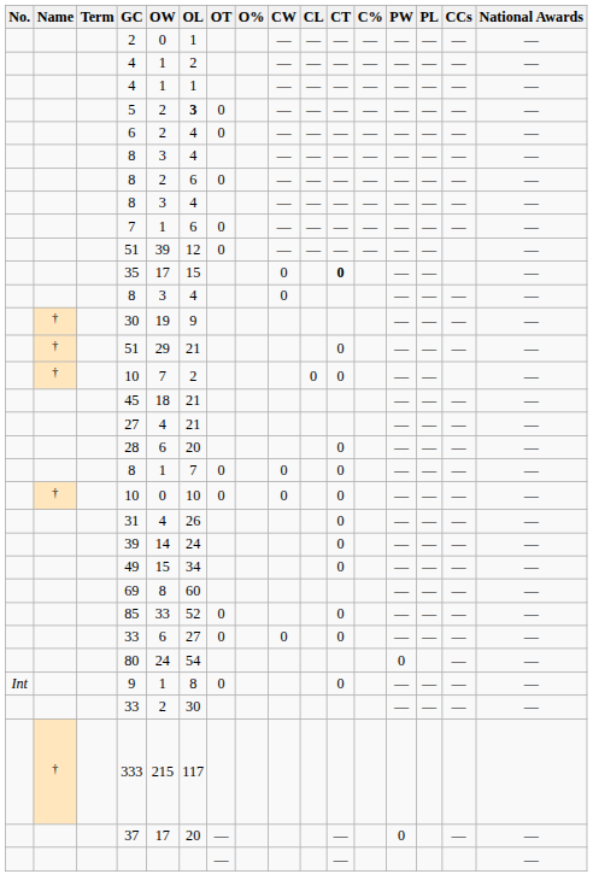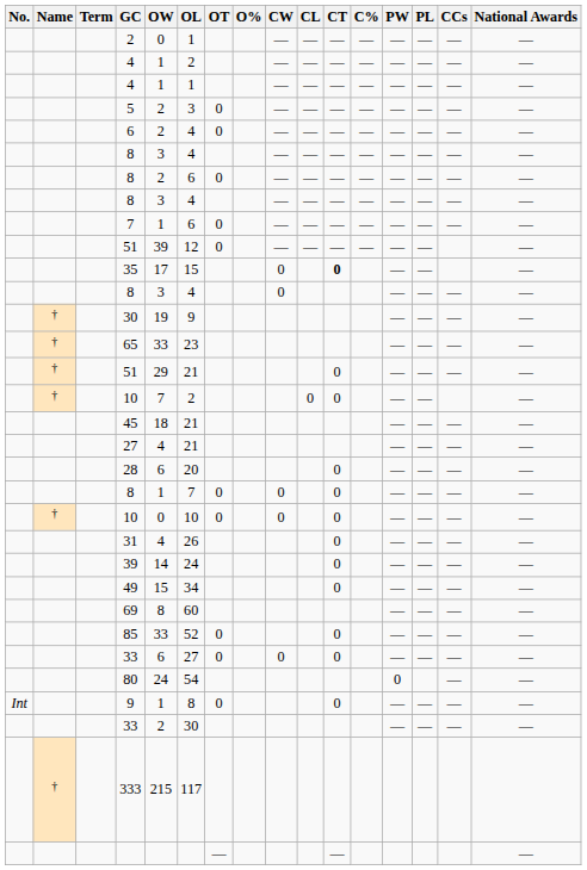 <table class="wikitable sortable">
 <tr>
 <th>No.</th>
 <th>Name</th>
 <th>Term</th>
 <th>GC</th>
 <th>OW</th>
 <th>OL</th>
 <th>OT</th>
 <th>O%</th>
 <th>CW</th>
 <th>CL</th>
 <th>CT</th>
 <th>C%</th>
 <th>PW</th>
 <th>PL</th>
 <th>CCs</th>
 <th class="unsortable">National Awards</th>
 </tr>
 <tr>
 <td align="center"></td>
 <td align="center"></td>
 <td align="center"></td>
 <td align="center">2</td>
 <td align="center">0</td>
 <td align="center">1</td>
 <td align="center"></td>
 <td align="center"></td>
 <td align="center">—</td>
 <td align="center">—</td>
 <td align="center">—</td>
 <td align="center">—</td>
 <td align="center">—</td>
 <td align="center">—</td>
 <td align="center">—</td>
 <td align="center">—</td>
 </tr>
 <tr>
 <td align="center"></td>
 <td align="center"></td>
 <td align="center"></td>
 <td align="center">4</td>
 <td align="center">1</td>
 <td align="center">2</td>
 <td align="center"></td>
 <td align="center"></td>
 <td align="center">—</td>
 <td align="center">—</td>
 <td align="center">—</td>
 <td align="center">—</td>
 <td align="center">—</td>
 <td align="center">—</td>
 <td align="center">—</td>
 <td align="center">—</td>
 </tr>
 <tr>
 <td align="center"></td>
 <td align="center"></td>
 <td align="center"></td>
 <td align="center">4</td>
 <td align="center">1</td>
 <td align="center">1</td>
 <td align="center"></td>
 <td align="center"></td>
 <td align="center">—</td>
 <td align="center">—</td>
 <td align="center">—</td>
 <td align="center">—</td>
 <td align="center">—</td>
 <td align="center">—</td>
 <td align="center">—</td>
 <td align="center">—</td>
 </tr>
 <tr>
 <td align="center"></td>
 <td align="center"></td>
 <td align="center"></td>
 <td align="center">5</td>
 <td align="center">2</td>
-<td align="center"><strong>3</strong></td>
+<td align="center">3</td>
 <td align="center">0</td>
 <td align="center"></td>
 <td align="center">—</td>
 <td align="center">—</td>
 <td align="center">—</td>
 <td align="center">—</td>
 <td align="center">—</td>
 <td align="center">—</td>
 <td align="center">—</td>
 <td align="center">—</td>
 </tr>
 <tr>
 <td align="center"></td>
 <td align="center"></td>
 <td align="center"></td>
 <td align="center">6</td>
 <td align="center">2</td>
 <td align="center">4</td>
 <td align="center">0</td>
 <td align="center"></td>
 <td align="center">—</td>
 <td align="center">—</td>
 <td align="center">—</td>
 <td align="center">—</td>
 <td align="center">—</td>
 <td align="center">—</td>
 <td align="center">—</td>
 <td align="center">—</td>
 </tr>
 <tr>
 <td align="center"></td>
 <td align="center"></td>
 <td align="center"></td>
 <td align="center">8</td>
 <td align="center">3</td>
 <td align="center">4</td>
 <td align="center"></td>
 <td align="center"></td>
 <td align="center">—</td>
 <td align="center">—</td>
 <td align="center">—</td>
 <td align="center">—</td>
 <td align="center">—</td>
 <td align="center">—</td>
 <td align="center">—</td>
 <td align="center">—</td>
 </tr>
 <tr>
 <td align="center"></td>
 <td align="center"></td>
 <td align="center"></td>
 <td align="center">8</td>
 <td align="center">2</td>
 <td align="center">6</td>
 <td align="center">0</td>
 <td align="center"></td>
 <td align="center">—</td>
 <td align="center">—</td>
 <td align="center">—</td>
 <td align="center">—</td>
 <td align="center">—</td>
 <td align="center">—</td>
 <td align="center">—</td>
 <td align="center">—</td>
 </tr>
 <tr>
 <td align="center"></td>
 <td align="center"></td>
 <td align="center"></td>
 <td align="center">8</td>
 <td align="center">3</td>
 <td align="center">4</td>
 <td align="center"></td>
 <td align="center"></td>
 <td align="center">—</td>
 <td align="center">—</td>
 <td align="center">—</td>
 <td align="center">—</td>
 <td align="center">—</td>
 <td align="center">—</td>
 <td align="center">—</td>
 <td align="center">—</td>
 </tr>
 <tr>
 <td align="center"></td>
 <td align="center"></td>
 <td align="center"></td>
 <td align="center">7</td>
 <td align="center">1</td>
 <td align="center">6</td>
 <td align="center">0</td>
 <td align="center"></td>
 <td align="center">—</td>
 <td align="center">—</td>
 <td align="center">—</td>
 <td align="center">—</td>
 <td align="center">—</td>
 <td align="center">—</td>
 <td align="center">—</td>
 <td align="center">—</td>
 </tr>
 <tr>
 <td align="center"></td>
 <td align="center"></td>
 <td align="center"></td>
 <td align="center">51</td>
 <td align="center">39</td>
 <td align="center">12</td>
 <td align="center">0</td>
 <td align="center"></td>
 <td align="center">—</td>
 <td align="center">—</td>
 <td align="center">—</td>
 <td align="center">—</td>
 <td align="center">—</td>
 <td align="center">—</td>
 <td align="center"></td>
 <td align="center">—</td>
 </tr>
 <tr>
 <td align="center"></td>
 <td align="center"></td>
 <td align="center"></td>
 <td align="center">35</td>
 <td align="center">17</td>
 <td align="center">15</td>
 <td align="center"></td>
 <td align="center"></td>
 <td align="center">0</td>
 <td align="center"></td>
 <td align="center"><strong>0</strong></td>
 <td align="center"></td>
 <td align="center">—</td>
 <td align="center">—</td>
 <td align="center"></td>
 <td align="center">—</td>
 </tr>
 <tr>
 <td align="center"></td>
 <td align="center"></td>
 <td align="center"></td>
 <td align="center">8</td>
 <td align="center">3</td>
 <td align="center">4</td>
 <td align="center"></td>
 <td align="center"></td>
 <td align="center">0</td>
 <td align="center"></td>
 <td align="center"></td>
 <td align="center"></td>
 <td align="center">—</td>
 <td align="center">—</td>
 <td align="center">—</td>
 <td align="center">—</td>
 </tr>
 <tr>
 <td align="center"></td>
 <td align="center" bgcolor="#FFE6BD"><sup>†</sup></td>
 <td align="center"></td>
 <td align="center">30</td>
 <td align="center">19</td>
 <td align="center">9</td>
+<td align="center"></td>
+<td align="center"></td>
+<td align="center"></td>
+<td align="center"></td>
+<td align="center"></td>
+<td align="center"></td>
+<td align="center">—</td>
+<td align="center">—</td>
+<td align="center">—</td>
+<td align="center">—</td>
+</tr>
+<tr>
+<td align="center"></td>
+<td align="center" bgcolor="#FFE6BD"><sup>†</sup></td>
+<td align="center"></td>
+<td align="center">65</td>
+<td align="center">33</td>
+<td align="center">23</td>
 <td align="center"></td>
 <td align="center"></td>
 <td align="center"></td>
 <td align="center"></td>
 <td align="center"></td>
 <td align="center"></td>
 <td align="center">—</td>
 <td align="center">—</td>
 <td align="center">—</td>
 <td align="center">—</td>
 </tr>
 <tr>
 <td align="center"></td>
 <td align="center" bgcolor="#FFE6BD"><sup>†</sup></td>
 <td align="center"></td>
 <td align="center">51</td>
 <td align="center">29</td>
 <td align="center">21</td>
 <td align="center"></td>
 <td align="center"></td>
 <td align="center"></td>
 <td align="center"></td>
 <td align="center">0</td>
 <td align="center"></td>
 <td align="center">—</td>
 <td align="center">—</td>
 <td align="center">—</td>
 <td align="center">—</td>
 </tr>
 <tr>
 <td align="center"></td>
 <td align="center" bgcolor="#FFE6BD"><sup>†</sup></td>
 <td align="center"></td>
 <td align="center">10</td>
 <td align="center">7</td>
 <td align="center">2</td>
 <td align="center"></td>
 <td align="center"></td>
 <td align="center"></td>
 <td align="center">0</td>
 <td align="center">0</td>
 <td align="center"></td>
 <td align="center">—</td>
 <td align="center">—</td>
 <td align="center"></td>
 <td align="center">—</td>
 </tr>
 <tr>
 <td align="center"></td>
 <td align="center"></td>
 <td align="center"></td>
 <td align="center">45</td>
 <td align="center">18</td>
 <td align="center">21</td>
 <td align="center"></td>
 <td align="center"></td>
 <td align="center"></td>
 <td align="center"></td>
 <td align="center"></td>
 <td align="center"></td>
 <td align="center">—</td>
 <td align="center">—</td>
 <td align="center">—</td>
 <td align="center">—</td>
 </tr>
 <tr>
 <td align="center"></td>
 <td align="center"></td>
 <td align="center"></td>
 <td align="center">27</td>
 <td align="center">4</td>
 <td align="center">21</td>
 <td align="center"></td>
 <td align="center"></td>
 <td align="center"></td>
 <td align="center"></td>
 <td align="center"></td>
 <td align="center"></td>
 <td align="center">—</td>
 <td align="center">—</td>
 <td align="center">—</td>
 <td align="center">—</td>
 </tr>
 <tr>
 <td align="center"></td>
 <td align="center"></td>
 <td align="center"></td>
 <td align="center">28</td>
 <td align="center">6</td>
 <td align="center">20</td>
 <td align="center"></td>
 <td align="center"></td>
 <td align="center"></td>
 <td align="center"></td>
 <td align="center">0</td>
 <td align="center"></td>
 <td align="center">—</td>
 <td align="center">—</td>
 <td align="center">—</td>
 <td align="center">—</td>
 </tr>
 <tr>
 <td align="center"></td>
 <td align="center"></td>
 <td align="center"></td>
 <td align="center">8</td>
 <td align="center">1</td>
 <td align="center">7</td>
 <td align="center">0</td>
 <td align="center"></td>
 <td align="center">0</td>
 <td align="center"></td>
 <td align="center">0</td>
 <td align="center"></td>
 <td align="center">—</td>
 <td align="center">—</td>
 <td align="center">—</td>
 <td align="center">—</td>
 </tr>
 <tr>
 <td align="center"></td>
 <td align="center" bgcolor="#FFE6BD"><sup>†</sup></td>
 <td align="center"></td>
 <td align="center">10</td>
 <td align="center">0</td>
 <td align="center">10</td>
 <td align="center">0</td>
 <td align="center"></td>
 <td align="center">0</td>
 <td align="center"></td>
 <td align="center">0</td>
 <td align="center"></td>
 <td align="center">—</td>
 <td align="center">—</td>
 <td align="center">—</td>
 <td align="center">—</td>
 </tr>
 <tr>
 <td align="center"></td>
 <td align="center"></td>
 <td align="center"></td>
 <td align="center">31</td>
 <td align="center">4</td>
 <td align="center">26</td>
 <td align="center"></td>
 <td align="center"></td>
 <td align="center"></td>
 <td align="center"></td>
 <td align="center">0</td>
 <td align="center"></td>
 <td align="center">—</td>
 <td align="center">—</td>
 <td align="center">—</td>
 <td align="center">—</td>
 </tr>
 <tr>
 <td align="center"></td>
 <td align="center"></td>
 <td align="center"></td>
 <td align="center">39</td>
 <td align="center">14</td>
 <td align="center">24</td>
 <td align="center"></td>
 <td align="center"></td>
 <td align="center"></td>
 <td align="center"></td>
 <td align="center">0</td>
 <td align="center"></td>
 <td align="center">—</td>
 <td align="center">—</td>
 <td align="center">—</td>
 <td align="center">—</td>
 </tr>
 <tr>
 <td align="center"></td>
 <td align="center"></td>
 <td align="center"></td>
 <td align="center">49</td>
 <td align="center">15</td>
 <td align="center">34</td>
 <td align="center"></td>
 <td align="center"></td>
 <td align="center"></td>
 <td align="center"></td>
 <td align="center">0</td>
 <td align="center"></td>
 <td align="center">—</td>
 <td align="center">—</td>
 <td align="center">—</td>
 <td align="center">—</td>
 </tr>
 <tr>
 <td align="center"></td>
 <td align="center"></td>
 <td align="center"></td>
 <td align="center">69</td>
 <td align="center">8</td>
 <td align="center">60</td>
 <td align="center"></td>
 <td align="center"></td>
 <td align="center"></td>
 <td align="center"></td>
 <td align="center"></td>
 <td align="center"></td>
 <td align="center">—</td>
 <td align="center">—</td>
 <td align="center">—</td>
 <td align="center">—</td>
 </tr>
 <tr>
 <td align="center"></td>
 <td align="center"></td>
 <td align="center"></td>
 <td align="center">85</td>
 <td align="center">33</td>
 <td align="center">52</td>
 <td align="center">0</td>
 <td align="center"></td>
 <td align="center"></td>
 <td align="center"></td>
 <td align="center">0</td>
 <td align="center"></td>
 <td align="center">—</td>
 <td align="center">—</td>
 <td align="center">—</td>
 <td align="center">—</td>
 </tr>
 <tr>
 <td align="center"></td>
 <td align="center"></td>
 <td align="center"></td>
 <td align="center">33</td>
 <td align="center">6</td>
 <td align="center">27</td>
 <td align="center">0</td>
 <td align="center"></td>
 <td align="center">0</td>
 <td align="center"></td>
 <td align="center">0</td>
 <td align="center"></td>
 <td align="center">—</td>
 <td align="center">—</td>
 <td align="center">—</td>
 <td align="center">—</td>
 </tr>
 <tr>
 <td align="center"></td>
 <td align="center"></td>
 <td align="center"></td>
 <td align="center">80</td>
 <td align="center">24</td>
 <td align="center">54</td>
 <td align="center"></td>
 <td align="center"></td>
 <td align="center"></td>
 <td align="center"></td>
 <td align="center"></td>
 <td align="center"></td>
 <td align="center">0</td>
 <td align="center"></td>
 <td align="center">—</td>
 <td align="center">—</td>
 </tr>
 <tr>
 <td align="center"><em>Int</em></td>
 <td align="center"></td>
 <td align="center"></td>
 <td align="center">9</td>
 <td align="center">1</td>
 <td align="center">8</td>
 <td align="center">0</td>
 <td align="center"></td>
 <td align="center"></td>
 <td align="center"></td>
 <td align="center">0</td>
 <td align="center"></td>
 <td align="center">—</td>
 <td align="center">—</td>
 <td align="center">—</td>
 <td align="center">—</td>
 </tr>
 <tr>
 <td align="center"></td>
 <td align="center"></td>
 <td align="center"></td>
 <td align="center">33</td>
 <td align="center">2</td>
 <td align="center">30</td>
 <td align="center"></td>
 <td align="center"></td>
 <td align="center"></td>
 <td align="center"></td>
 <td align="center"></td>
 <td align="center"></td>
 <td align="center">—</td>
 <td align="center">—</td>
 <td align="center">—</td>
 <td align="center">—</td>
 </tr>
 <tr>
 <td align="center"></td>
 <td align="center" bgcolor="#FFE6BD"><sup>†</sup></td>
 <td align="center"></td>
 <td align="center">333</td>
 <td align="center">215</td>
 <td align="center">117</td>
 <td align="center"></td>
 <td align="center"></td>
 <td align="center"></td>
 <td align="center"></td>
 <td align="center"></td>
 <td align="center"></td>
 <td align="center"></td>
 <td align="center"></td>
 <td align="center"></td>
 <td><br><br> <br> <br> <br> <br> </td>
 </tr>
 <tr>
 <td align="center"></td>
 <td align="center"></td>
 <td align="center"></td>
-<td align="center">37</td>
-<td align="center">17</td>
-<td align="center">20</td>
-<td align="center">—</td>
-<td align="center"></td>
-<td align="center"></td>
-<td align="center"></td>
-<td align="center">—</td>
-<td align="center"></td>
-<td align="center">0</td>
-<td align="center"></td>
-<td align="center">—</td>
-<td align="center">—</td>
-</tr>
-<tr>
-<td align="center"></td>
-<td align="center"></td>
-<td align="center"></td>
 <td align="center"></td>
 <td align="center"></td>
 <td align="center"></td>
 <td align="center">—</td>
 <td align="center"></td>
 <td align="center"></td>
 <td align="center"></td>
 <td align="center">—</td>
 <td align="center"></td>
 <td align="center"></td>
 <td align="center"></td>
 <td align="center"></td>
 <td align="center">—</td>
 </tr>
 </table>
